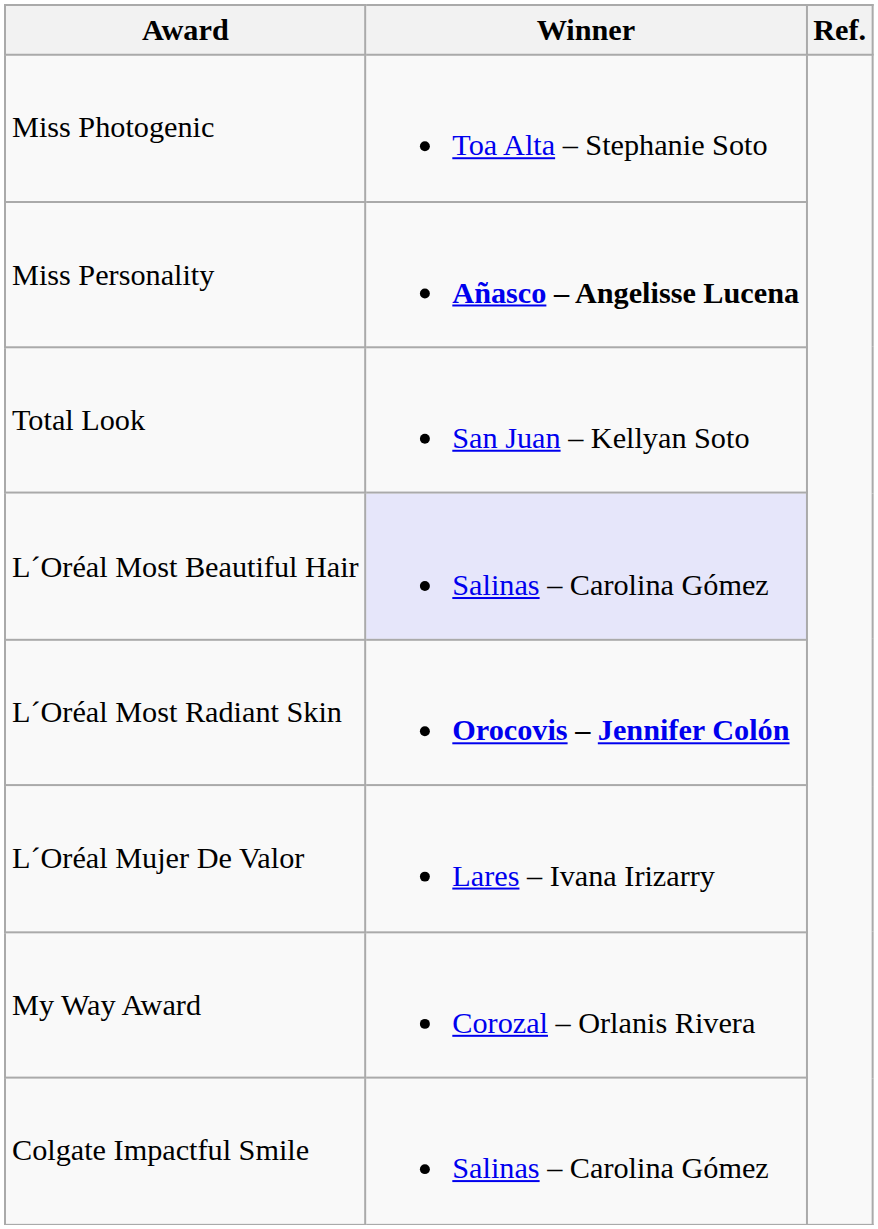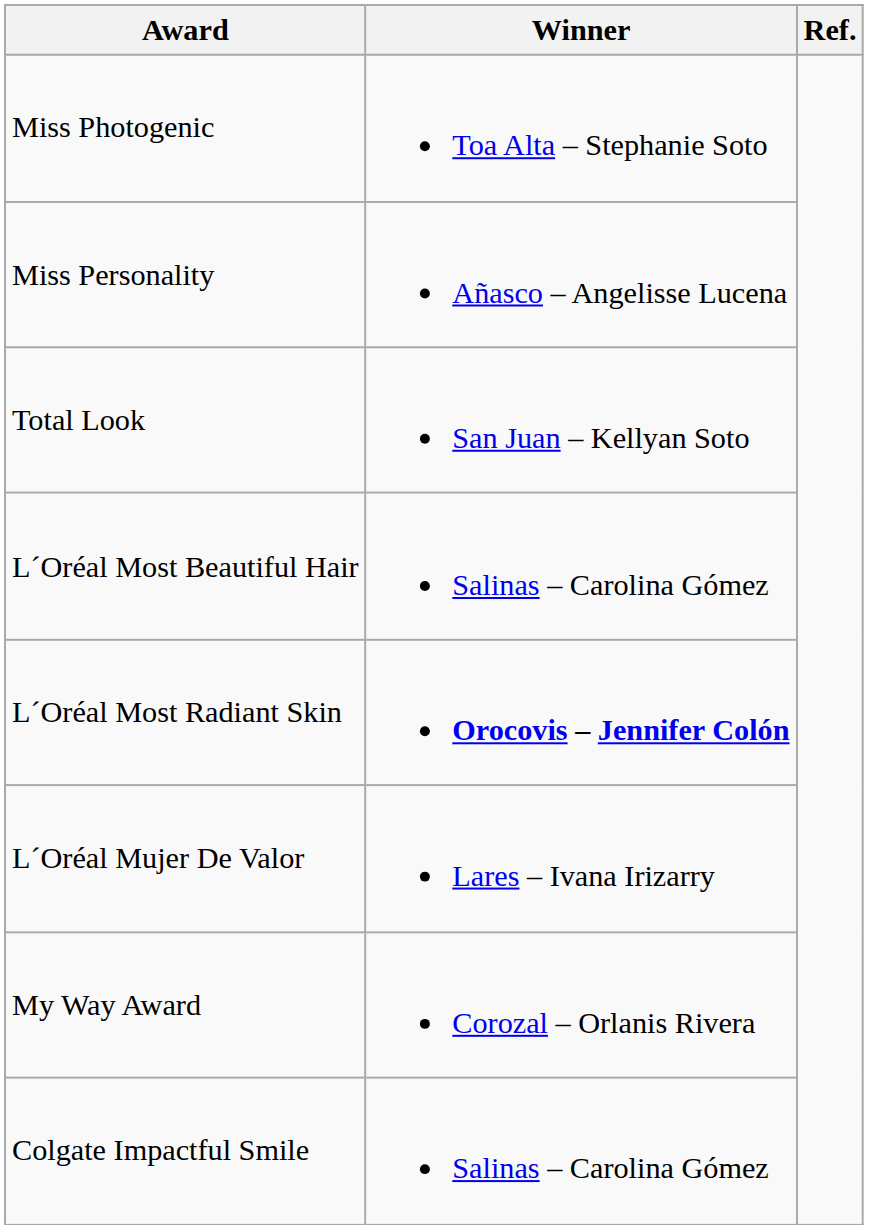 <table class="wikitable sortable" style="font-size: 95%;">
 <tr>
 <th>Award</th>
 <th>Winner</th>
 <th>Ref.</th>
 </tr>
 <tr>
 <td>Miss Photogenic</td>
 <td><br><ul><li><a href='#'>Toa Alta</a> – Stephanie Soto</li></ul></td>
 <td rowspan="8"></td>
 </tr>
 <tr>
 <td>Miss Personality</td>
-<td><strong><br><ul><li><a href='#'>Añasco</a> – Angelisse Lucena</li></ul></strong></td>
+<td><br><ul><li><a href='#'>Añasco</a> – Angelisse Lucena</li></ul></td>
 </tr>
 <tr>
 <td>Total Look</td>
 <td><br><ul><li><a href='#'>San Juan</a> – Kellyan Soto</li></ul></td>
 </tr>
 <tr>
 <td>L´Oréal Most Beautiful Hair</td>
-<td style="background: lavender;"><br><ul><li><a href='#'>Salinas</a> – Carolina Gómez</li></ul></td>
+<td><br><ul><li><a href='#'>Salinas</a> – Carolina Gómez</li></ul></td>
 </tr>
 <tr>
 <td>L´Oréal Most Radiant Skin</td>
 <td><strong><br><ul><li><a href='#'>Orocovis</a> – <a href='#'>Jennifer Colón</a></li></ul></strong></td>
 </tr>
 <tr>
 <td>L´Oréal Mujer De Valor</td>
 <td><br><ul><li><a href='#'>Lares</a> – Ivana Irizarry</li></ul></td>
 </tr>
 <tr>
 <td>My Way Award</td>
 <td><br><ul><li><a href='#'>Corozal</a> – Orlanis Rivera</li></ul></td>
 </tr>
 <tr>
 <td>Colgate Impactful Smile</td>
 <td><br><ul><li><a href='#'>Salinas</a> – Carolina Gómez</li></ul></td>
 </tr>
 </table>
